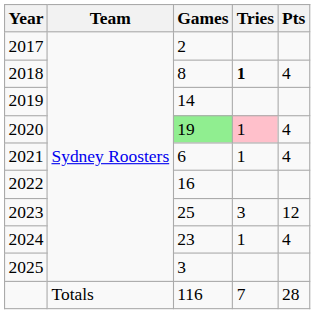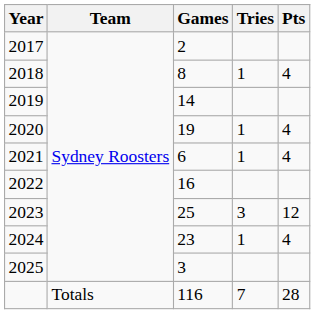 <table class="wikitable">
 <tr>
 <th>Year</th>
 <th>Team</th>
 <th>Games</th>
 <th>Tries</th>
 <th>Pts</th>
 </tr>
 <tr>
 <td>2017</td>
 <td rowspan="9"> <a href='#'>Sydney Roosters</a></td>
 <td>2</td>
 <td></td>
 <td></td>
 </tr>
 <tr>
 <td>2018</td>
 <td>8</td>
-<td><strong>1</strong></td>
+<td>1</td>
 <td>4</td>
 </tr>
 <tr>
 <td>2019</td>
 <td>14</td>
 <td></td>
 <td></td>
 </tr>
 <tr>
 <td>2020</td>
-<td style="background: lightgreen;">19</td>
-<td style="background: pink;">1</td>
+<td>19</td>
+<td>1</td>
 <td>4</td>
 </tr>
 <tr>
 <td>2021</td>
 <td>6</td>
 <td>1</td>
 <td>4</td>
 </tr>
 <tr>
 <td>2022</td>
 <td>16</td>
 <td></td>
 <td></td>
 </tr>
 <tr>
 <td>2023</td>
 <td>25</td>
 <td>3</td>
 <td>12</td>
 </tr>
 <tr>
 <td>2024</td>
 <td>23</td>
 <td>1</td>
 <td>4</td>
 </tr>
 <tr>
 <td>2025</td>
 <td>3</td>
 <td></td>
 <td></td>
 </tr>
 <tr>
 <td></td>
 <td>Totals</td>
 <td>116</td>
 <td>7</td>
 <td>28</td>
 </tr>
 </table>
